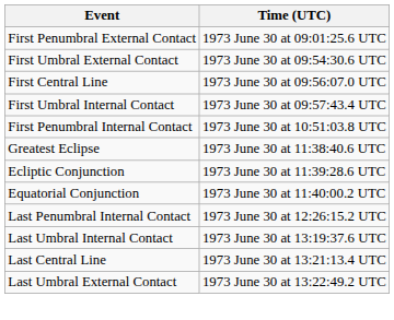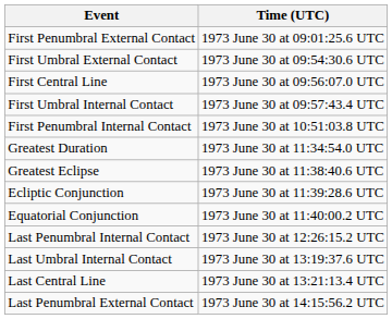 <table class="wikitable">
 <tr>
 <th>Event</th>
 <th>Time (UTC)</th>
 </tr>
 <tr>
 <td>First Penumbral External Contact</td>
 <td>1973 June 30 at 09:01:25.6 UTC</td>
 </tr>
 <tr>
 <td>First Umbral External Contact</td>
 <td>1973 June 30 at 09:54:30.6 UTC</td>
 </tr>
 <tr>
 <td>First Central Line</td>
 <td>1973 June 30 at 09:56:07.0 UTC</td>
 </tr>
 <tr>
 <td>First Umbral Internal Contact</td>
 <td>1973 June 30 at 09:57:43.4 UTC</td>
 </tr>
 <tr>
 <td>First Penumbral Internal Contact</td>
 <td>1973 June 30 at 10:51:03.8 UTC</td>
 </tr>
 <tr>
+<td>Greatest Duration</td>
+<td>1973 June 30 at 11:34:54.0 UTC</td>
+</tr>
+<tr>
 <td>Greatest Eclipse</td>
 <td>1973 June 30 at 11:38:40.6 UTC</td>
 </tr>
 <tr>
 <td>Ecliptic Conjunction</td>
 <td>1973 June 30 at 11:39:28.6 UTC</td>
 </tr>
 <tr>
 <td>Equatorial Conjunction</td>
 <td>1973 June 30 at 11:40:00.2 UTC</td>
 </tr>
 <tr>
 <td>Last Penumbral Internal Contact</td>
 <td>1973 June 30 at 12:26:15.2 UTC</td>
 </tr>
 <tr>
 <td>Last Umbral Internal Contact</td>
 <td>1973 June 30 at 13:19:37.6 UTC</td>
 </tr>
 <tr>
 <td>Last Central Line</td>
 <td>1973 June 30 at 13:21:13.4 UTC</td>
 </tr>
 <tr>
-<td>Last Umbral External Contact</td>
-<td>1973 June 30 at 13:22:49.2 UTC</td>
+<td>Last Penumbral External Contact</td>
+<td>1973 June 30 at 14:15:56.2 UTC</td>
 </tr>
 </table>
